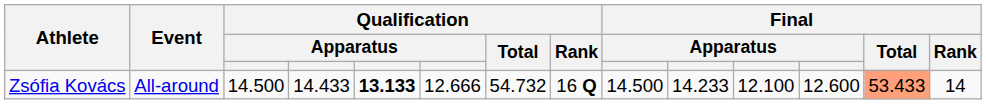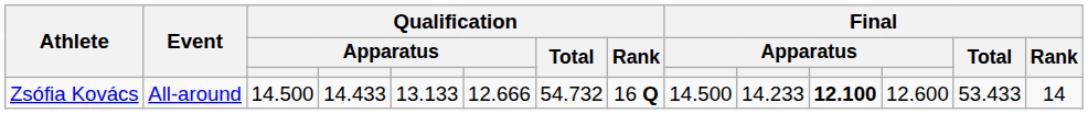 <table class="wikitable" style="font-size:90%">
 <tr>
 <th rowspan=3>Athlete</th>
 <th rowspan=3>Event</th>
 <th colspan=6>Qualification</th>
 <th colspan=6>Final</th>
 </tr>
 <tr style="font-size:95%">
 <th colspan=4>Apparatus</th>
 <th rowspan=2>Total</th>
 <th rowspan=2>Rank</th>
 <th colspan=4>Apparatus</th>
 <th rowspan=2>Total</th>
 <th rowspan=2>Rank</th>
 </tr>
 <tr style="font-size:95%">
 <th></th>
 <th></th>
 <th></th>
 <th></th>
 <th></th>
 <th></th>
 <th></th>
 <th></th>
 </tr>
 <tr align=center>
 <td align=left><a href='#'>Zsófia Kovács</a></td>
 <td align=left><a href='#'>All-around</a></td>
 <td>14.500</td>
 <td>14.433</td>
-<td><strong>13.133</strong></td>
+<td>13.133</td>
 <td>12.666</td>
 <td>54.732</td>
 <td>16 <strong>Q</strong></td>
 <td>14.500</td>
 <td>14.233</td>
-<td>12.100</td>
+<td><strong>12.100</strong></td>
 <td>12.600</td>
-<td style="background: lightsalmon;">53.433</td>
+<td>53.433</td>
 <td>14</td>
 </tr>
 </table>
